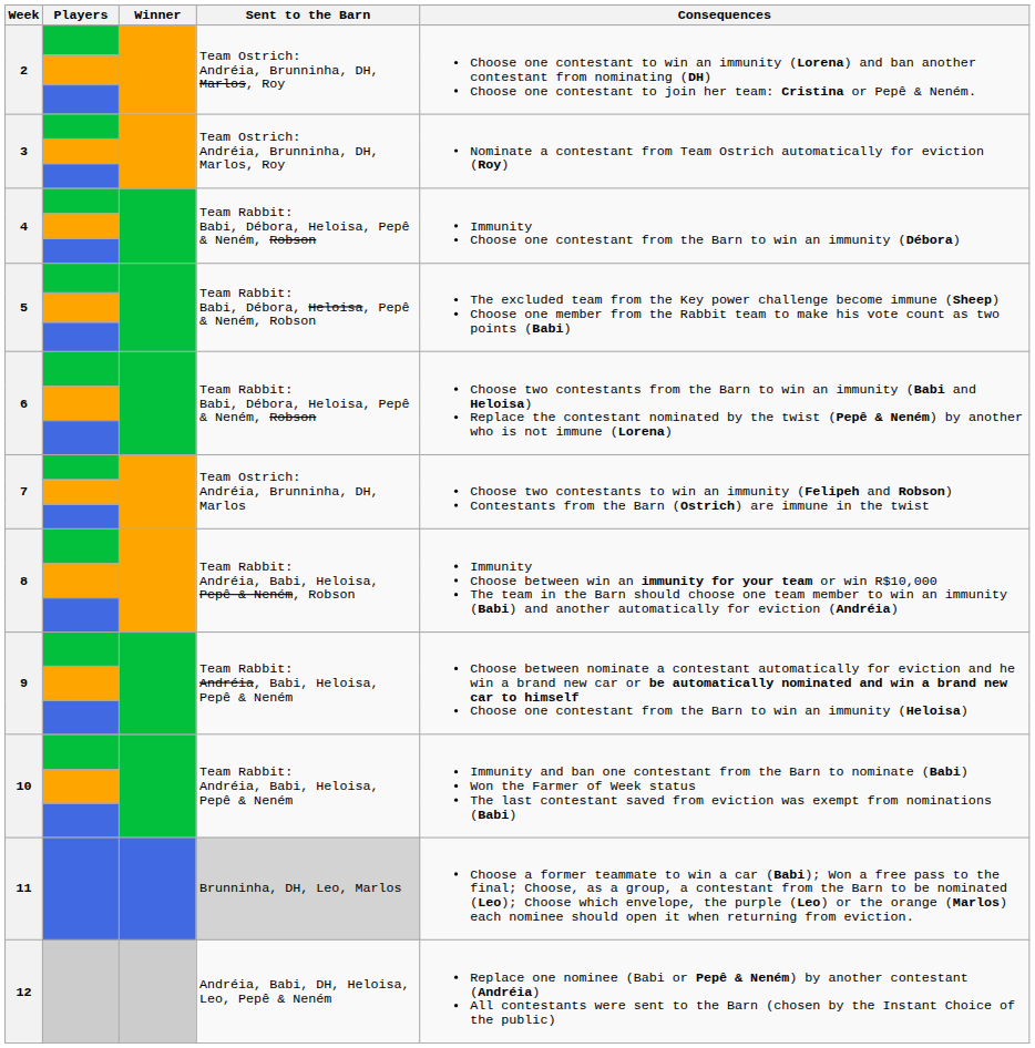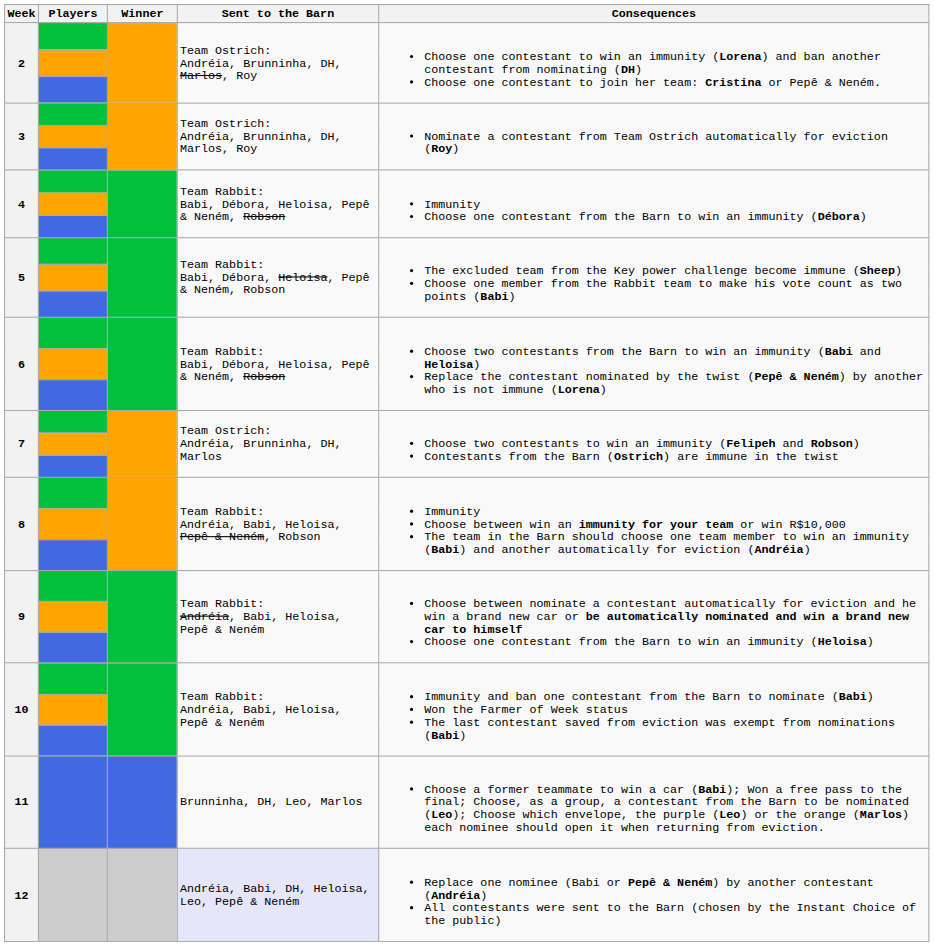 <table class="wikitable" style="font-size:85%;">
 <tr>
 <th width=010>Week</th>
 <th width=060>Players</th>
 <th width=060>Winner</th>
 <th width=185>Sent to the Barn</th>
 <th>Consequences</th>
 </tr>
 <tr>
 <th rowspan=3>2</th>
 <td bgcolor="03C03C"></td>
 <td bgcolor="FFA500" rowspan=3></td>
 <td rowspan=3>Team Ostrich:<br>Andréia, Brunninha, DH, <s>Marlos</s>, Roy</td>
 <td rowspan=3><br><ul><li>Choose one contestant to win an immunity (<strong>Lorena</strong>) and ban another contestant from nominating (<strong>DH</strong>)</li><li>Choose one contestant to join her team: <strong>Cristina</strong> or Pepê & Neném.</li></ul></td>
 </tr>
 <tr>
 <td bgcolor="FFA500"></td>
 </tr>
 <tr>
 <td bgcolor="4169E1"></td>
 </tr>
 <tr>
 <th rowspan=3>3</th>
 <td bgcolor="03C03C"></td>
 <td bgcolor="FFA500" rowspan=3></td>
 <td rowspan=3>Team Ostrich:<br>Andréia, Brunninha, DH, Marlos, Roy</td>
 <td rowspan=3><br><ul><li>Nominate a contestant from Team Ostrich automatically for eviction (<strong>Roy</strong>)</li></ul></td>
 </tr>
 <tr>
 <td bgcolor="FFA500"></td>
 </tr>
 <tr>
 <td bgcolor="4169E1"></td>
 </tr>
 <tr>
 <th rowspan=3>4</th>
 <td bgcolor="03C03C"></td>
 <td bgcolor="03C03C" rowspan=3></td>
 <td rowspan=3>Team Rabbit:<br> Babi, Débora, Heloisa, Pepê & Neném, <s>Robson</s></td>
 <td rowspan=3><br><ul><li>Immunity</li><li>Choose one contestant from the Barn to win an immunity (<strong>Débora</strong>)</li></ul></td>
 </tr>
 <tr>
 <td bgcolor="FFA500"></td>
 </tr>
 <tr>
 <td bgcolor="4169E1"></td>
 </tr>
 <tr>
 <th rowspan=3>5</th>
 <td bgcolor="03C03C"></td>
 <td bgcolor="03C03C" rowspan=3></td>
 <td rowspan=3>Team Rabbit:<br> Babi, Débora, <s>Heloisa</s>, Pepê & Neném, Robson</td>
 <td rowspan=3><br><ul><li>The excluded team from the Key power challenge become immune (<strong>Sheep</strong>)</li><li>Choose one member from the Rabbit team to make his vote count as two points (<strong>Babi</strong>)</li></ul></td>
 </tr>
 <tr>
 <td bgcolor="FFA500"></td>
 </tr>
 <tr>
 <td bgcolor="4169E1"></td>
 </tr>
 <tr>
 <th rowspan=3>6</th>
 <td bgcolor="03C03C"></td>
 <td bgcolor="03C03C" rowspan=3></td>
 <td rowspan=3>Team Rabbit:<br> Babi, Débora, Heloisa, Pepê & Neném, <s>Robson</s></td>
 <td rowspan=3><br><ul><li>Choose two contestants from the Barn to win an immunity (<strong>Babi</strong> and <strong>Heloisa</strong>)</li><li>Replace the contestant nominated by the twist (<strong>Pepê & Neném</strong>) by another who is not immune (<strong>Lorena</strong>)</li></ul></td>
 </tr>
 <tr>
 <td bgcolor="FFA500"></td>
 </tr>
 <tr>
 <td bgcolor="4169E1"></td>
 </tr>
 <tr>
 <th rowspan=3>7</th>
 <td bgcolor="03C03C"></td>
 <td bgcolor="FFA500" rowspan=3></td>
 <td rowspan=3>Team Ostrich:<br> Andréia, Brunninha, DH, Marlos</td>
 <td rowspan=3><br><ul><li>Choose two contestants to win an immunity (<strong>Felipeh</strong> and <strong>Robson</strong>)</li><li>Contestants from the Barn (<strong>Ostrich</strong>) are immune in the twist</li></ul></td>
 </tr>
 <tr>
 <td bgcolor="FFA500"></td>
 </tr>
 <tr>
 <td bgcolor="4169E1"></td>
 </tr>
 <tr>
 <th rowspan=3>8</th>
 <td bgcolor="03C03C"></td>
 <td bgcolor="FFA500" rowspan=3></td>
 <td rowspan=3>Team Rabbit:<br> Andréia, Babi, Heloisa, <s>Pepê & Neném</s>, Robson</td>
 <td rowspan=3><br><ul><li>Immunity</li><li>Choose between win an <strong>immunity for your team</strong> or win R$10,000</li><li>The team in the Barn should choose one team member to win an immunity (<strong>Babi</strong>) and another automatically for eviction (<strong>Andréia</strong>)</li></ul></td>
 </tr>
 <tr>
 <td bgcolor="FFA500"></td>
 </tr>
 <tr>
 <td bgcolor="4169E1"></td>
 </tr>
 <tr>
 <th rowspan=3>9</th>
 <td bgcolor="03C03C"></td>
 <td bgcolor="03C03C" rowspan=3></td>
 <td rowspan=3>Team Rabbit:<br> <s>Andréia</s>, Babi, Heloisa, Pepê & Neném</td>
 <td rowspan=3><br><ul><li>Choose between nominate a contestant automatically for eviction and he win a brand new car or <strong>be automatically nominated and win a brand new car to himself</strong></li><li>Choose one contestant from the Barn to win an immunity (<strong>Heloisa</strong>)</li></ul></td>
 </tr>
 <tr>
 <td bgcolor="FFA500"></td>
 </tr>
 <tr>
 <td bgcolor="4169E1"></td>
 </tr>
 <tr>
 <th rowspan=3>10</th>
 <td bgcolor="03C03C"></td>
 <td bgcolor="03C03C" rowspan=3></td>
 <td rowspan=3>Team Rabbit:<br> Andréia, Babi, Heloisa, Pepê & Neném</td>
 <td rowspan=3><br><ul><li>Immunity and ban one contestant from the Barn to nominate (<strong>Babi</strong>)</li><li>Won the Farmer of Week status</li><li>The last contestant saved from eviction was exempt from nominations (<strong>Babi</strong>)</li></ul></td>
 </tr>
 <tr>
 <td bgcolor="FFA500"></td>
 </tr>
 <tr>
 <td bgcolor="4169E1"></td>
 </tr>
 <tr>
 <th>11</th>
 <td bgcolor="4169E1"></td>
 <td bgcolor="4169E1"></td>
-<td style="background: lightgrey;">Brunninha, DH, Leo, Marlos</td>
+<td>Brunninha, DH, Leo, Marlos</td>
 <td><br><ul><li>Choose a former teammate to win a car (<strong>Babi</strong>); Won a free pass to the final; Choose, as a group, a contestant from the Barn to be nominated (<strong>Leo</strong>); Choose which envelope, the purple (<strong>Leo</strong>) or the orange (<strong>Marlos</strong>) each nominee should open it when returning from eviction.</li></ul></td>
 </tr>
 <tr>
 <th>12</th>
 <td bgcolor="CCCCCC"></td>
 <td bgcolor="CCCCCC"></td>
-<td>Andréia, Babi, DH, Heloisa, Leo, Pepê & Neném</td>
+<td style="background: lavender;">Andréia, Babi, DH, Heloisa, Leo, Pepê & Neném</td>
 <td><br><ul><li>Replace one nominee (Babi or <strong>Pepê & Neném</strong>) by another contestant (<strong>Andréia</strong>)</li><li>All contestants were sent to the Barn (chosen by the Instant Choice of the public)</li></ul></td>
 </tr>
 </table>
